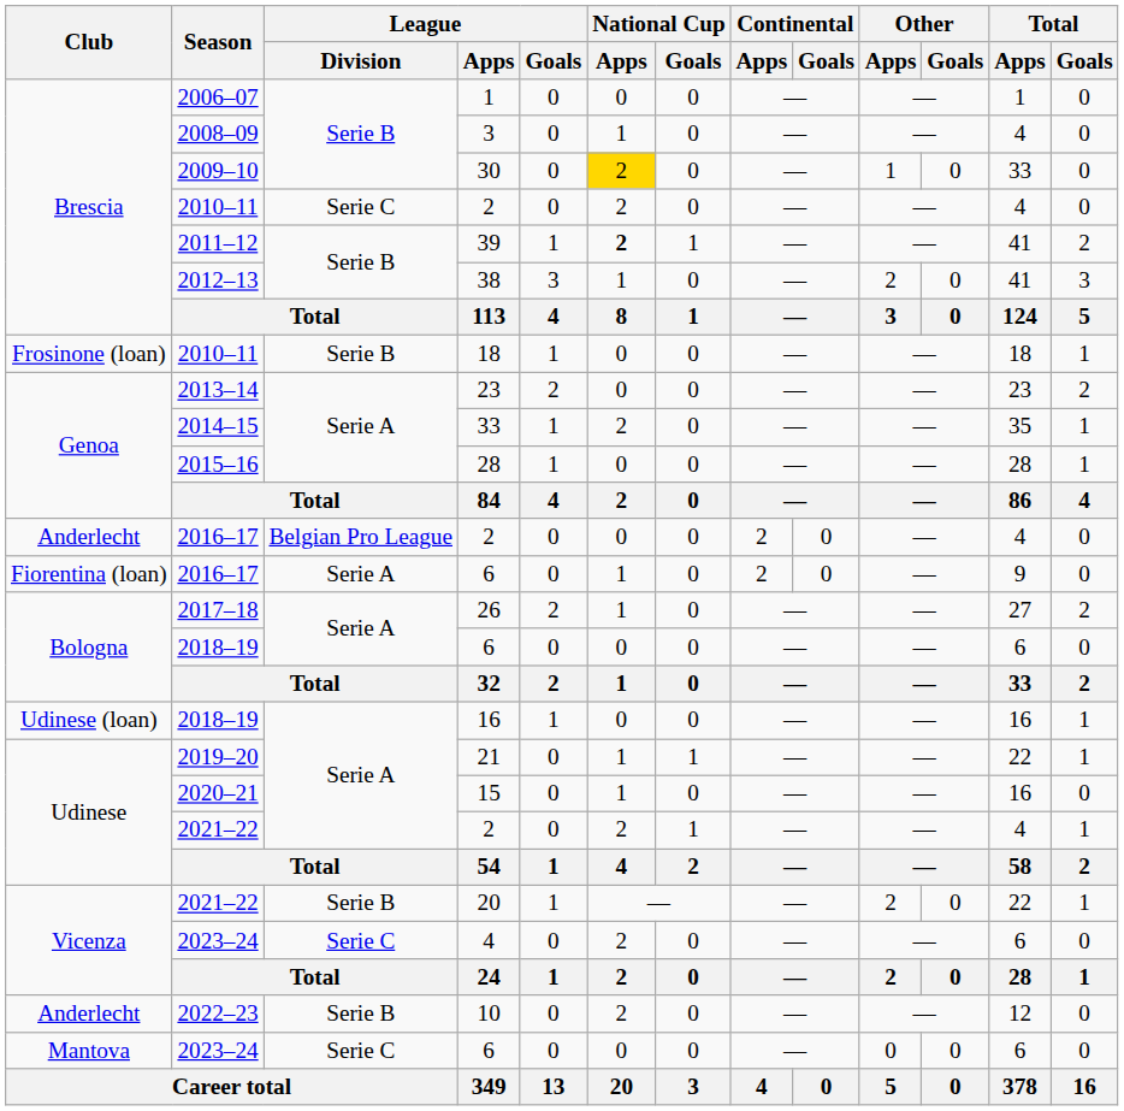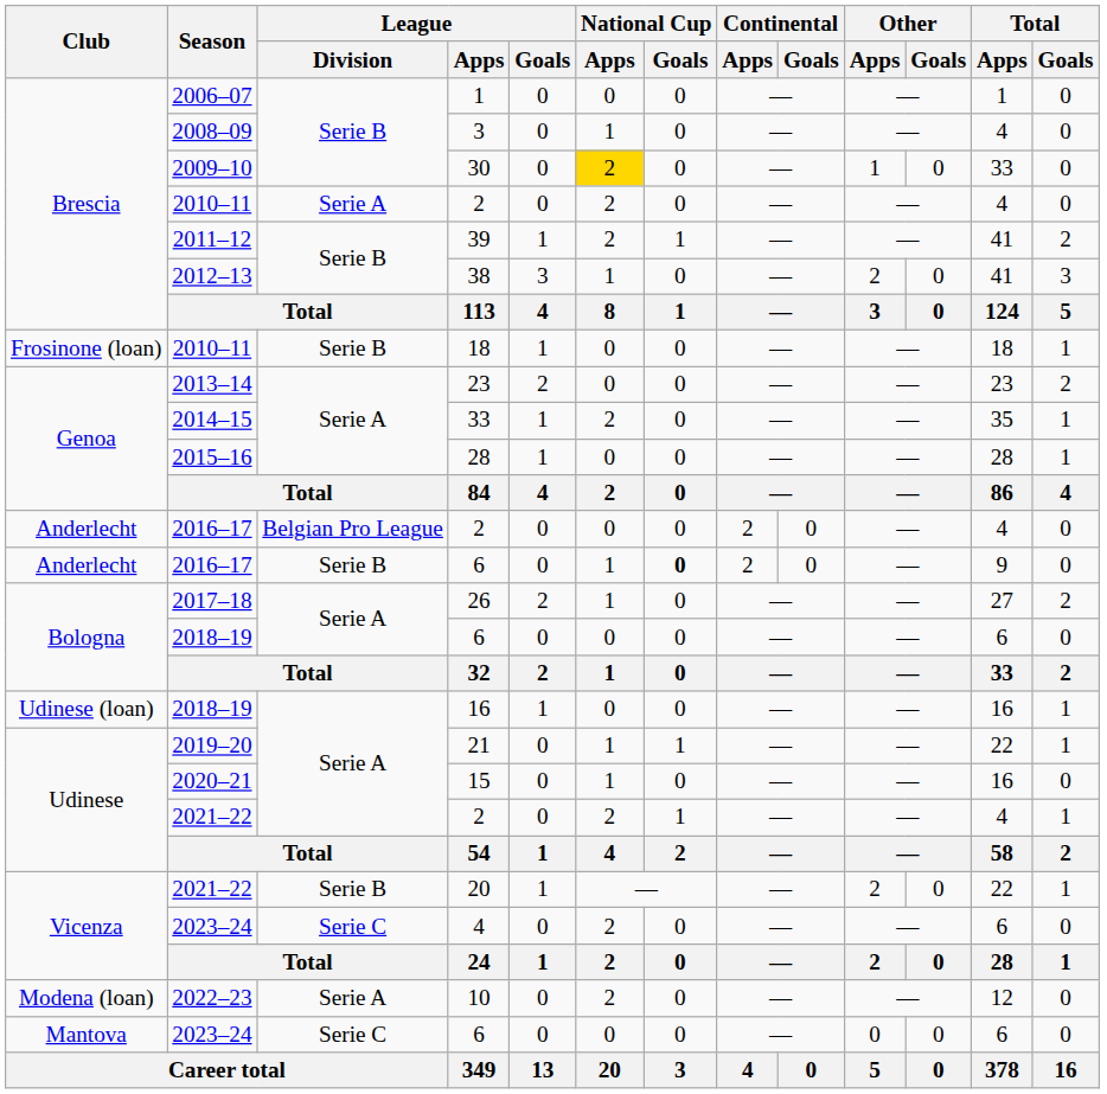 <table class="wikitable" style="text-align:center">
 <tr>
 <th rowspan="2">Club</th>
 <th rowspan="2">Season</th>
 <th colspan="3">League</th>
 <th colspan="2">National Cup</th>
 <th colspan="2">Continental</th>
 <th colspan="2">Other</th>
 <th colspan="2">Total</th>
 </tr>
 <tr>
 <th>Division</th>
 <th>Apps</th>
 <th>Goals</th>
 <th>Apps</th>
 <th>Goals</th>
 <th>Apps</th>
 <th>Goals</th>
 <th>Apps</th>
 <th>Goals</th>
 <th>Apps</th>
 <th>Goals</th>
 </tr>
 <tr>
 <td rowspan="7"><a href='#'>Brescia</a></td>
 <td><a href='#'>2006–07</a></td>
 <td rowspan="3"><a href='#'>Serie B</a></td>
 <td>1</td>
 <td>0</td>
 <td>0</td>
 <td>0</td>
 <td colspan="2“">—</td>
 <td colspan="2“">—</td>
 <td>1</td>
 <td>0</td>
 </tr>
 <tr>
 <td><a href='#'>2008–09</a></td>
 <td>3</td>
 <td>0</td>
 <td>1</td>
 <td>0</td>
 <td colspan="2“">—</td>
 <td colspan="2“">—</td>
 <td>4</td>
 <td>0</td>
 </tr>
 <tr>
 <td><a href='#'>2009–10</a></td>
 <td>30</td>
 <td>0</td>
 <td style="background: gold;">2</td>
 <td>0</td>
 <td colspan="2“">—</td>
 <td>1</td>
 <td>0</td>
 <td>33</td>
 <td>0</td>
 </tr>
 <tr>
 <td><a href='#'>2010–11</a></td>
-<td>Serie C</td>
+<td><a href='#'>Serie A</a></td>
 <td>2</td>
 <td>0</td>
 <td>2</td>
 <td>0</td>
 <td colspan="2“">—</td>
 <td colspan="2“">—</td>
 <td>4</td>
 <td>0</td>
 </tr>
 <tr>
 <td><a href='#'>2011–12</a></td>
 <td rowspan="2">Serie B</td>
 <td>39</td>
 <td>1</td>
-<td><strong>2</strong></td>
+<td>2</td>
 <td>1</td>
 <td colspan="2“">—</td>
 <td colspan="2“">—</td>
 <td>41</td>
 <td>2</td>
 </tr>
 <tr>
 <td><a href='#'>2012–13</a></td>
 <td>38</td>
 <td>3</td>
 <td>1</td>
 <td>0</td>
 <td colspan="2“">—</td>
 <td>2</td>
 <td>0</td>
 <td>41</td>
 <td>3</td>
 </tr>
 <tr>
 <th colspan="2">Total</th>
 <th>113</th>
 <th>4</th>
 <th>8</th>
 <th>1</th>
 <th colspan="2“">—</th>
 <th>3</th>
 <th>0</th>
 <th>124</th>
 <th>5</th>
 </tr>
 <tr>
 <td><a href='#'>Frosinone</a> (loan)</td>
 <td><a href='#'>2010–11</a></td>
 <td>Serie B</td>
 <td>18</td>
 <td>1</td>
 <td>0</td>
 <td>0</td>
 <td colspan="2“">—</td>
 <td colspan="2“">—</td>
 <td>18</td>
 <td>1</td>
 </tr>
 <tr>
 <td rowspan="4"><a href='#'>Genoa</a></td>
 <td><a href='#'>2013–14</a></td>
 <td rowspan="3">Serie A</td>
 <td>23</td>
 <td>2</td>
 <td>0</td>
 <td>0</td>
 <td colspan="2“">—</td>
 <td colspan="2“">—</td>
 <td>23</td>
 <td>2</td>
 </tr>
 <tr>
 <td><a href='#'>2014–15</a></td>
 <td>33</td>
 <td>1</td>
 <td>2</td>
 <td>0</td>
 <td colspan="2“">—</td>
 <td colspan="2“">—</td>
 <td>35</td>
 <td>1</td>
 </tr>
 <tr>
 <td><a href='#'>2015–16</a></td>
 <td>28</td>
 <td>1</td>
 <td>0</td>
 <td>0</td>
 <td colspan="2“">—</td>
 <td colspan="2“">—</td>
 <td>28</td>
 <td>1</td>
 </tr>
 <tr>
 <th colspan="2">Total</th>
 <th>84</th>
 <th>4</th>
 <th>2</th>
 <th>0</th>
 <th colspan="2“">—</th>
 <th colspan="2“">—</th>
 <th>86</th>
 <th>4</th>
 </tr>
 <tr>
 <td><a href='#'>Anderlecht</a></td>
 <td><a href='#'>2016–17</a></td>
 <td><a href='#'>Belgian Pro League</a></td>
 <td>2</td>
 <td>0</td>
 <td>0</td>
 <td>0</td>
 <td>2</td>
 <td>0</td>
 <td colspan="2“">—</td>
 <td>4</td>
 <td>0</td>
 </tr>
 <tr>
-<td><a href='#'>Fiorentina</a> (loan)</td>
+<td><a href='#'>Anderlecht</a></td>
 <td><a href='#'>2016–17</a></td>
-<td>Serie A</td>
+<td>Serie B</td>
 <td>6</td>
 <td>0</td>
 <td>1</td>
-<td>0</td>
+<td><strong>0</strong></td>
 <td>2</td>
 <td>0</td>
 <td colspan="2“">—</td>
 <td>9</td>
 <td>0</td>
 </tr>
 <tr>
 <td rowspan="3"><a href='#'>Bologna</a></td>
 <td><a href='#'>2017–18</a></td>
 <td rowspan="2">Serie A</td>
 <td>26</td>
 <td>2</td>
 <td>1</td>
 <td>0</td>
 <td colspan="2“">—</td>
 <td colspan="2“">—</td>
 <td>27</td>
 <td>2</td>
 </tr>
 <tr>
 <td><a href='#'>2018–19</a></td>
 <td>6</td>
 <td>0</td>
 <td>0</td>
 <td>0</td>
 <td colspan="2“">—</td>
 <td colspan="2“">—</td>
 <td>6</td>
 <td>0</td>
 </tr>
 <tr>
 <th colspan="2">Total</th>
 <th>32</th>
 <th>2</th>
 <th>1</th>
 <th>0</th>
 <th colspan="2“">—</th>
 <th colspan="2“">—</th>
 <th>33</th>
 <th>2</th>
 </tr>
 <tr>
 <td><a href='#'>Udinese</a> (loan)</td>
 <td><a href='#'>2018–19</a></td>
 <td rowspan="4">Serie A</td>
 <td>16</td>
 <td>1</td>
 <td>0</td>
 <td>0</td>
 <td colspan="2“">—</td>
 <td colspan="2“">—</td>
 <td>16</td>
 <td>1</td>
 </tr>
 <tr>
 <td rowspan="4">Udinese</td>
 <td><a href='#'>2019–20</a></td>
 <td>21</td>
 <td>0</td>
 <td>1</td>
 <td>1</td>
 <td colspan="2“">—</td>
 <td colspan="2“">—</td>
 <td>22</td>
 <td>1</td>
 </tr>
 <tr>
 <td><a href='#'>2020–21</a></td>
 <td>15</td>
 <td>0</td>
 <td>1</td>
 <td>0</td>
 <td colspan="2“">—</td>
 <td colspan="2“">—</td>
 <td>16</td>
 <td>0</td>
 </tr>
 <tr>
 <td><a href='#'>2021–22</a></td>
 <td>2</td>
 <td>0</td>
 <td>2</td>
 <td>1</td>
 <td colspan="2“">—</td>
 <td colspan="2“">—</td>
 <td>4</td>
 <td>1</td>
 </tr>
 <tr>
 <th colspan="2">Total</th>
 <th>54</th>
 <th>1</th>
 <th>4</th>
 <th>2</th>
 <th colspan="2“">—</th>
 <th colspan="2“">—</th>
 <th>58</th>
 <th>2</th>
 </tr>
 <tr>
 <td rowspan="3"><a href='#'>Vicenza</a></td>
 <td><a href='#'>2021–22</a></td>
 <td>Serie B</td>
 <td>20</td>
 <td>1</td>
 <td colspan="2“">—</td>
 <td colspan="2“">—</td>
 <td>2</td>
 <td>0</td>
 <td>22</td>
 <td>1</td>
 </tr>
 <tr>
 <td><a href='#'>2023–24</a></td>
 <td><a href='#'>Serie C</a></td>
 <td>4</td>
 <td>0</td>
 <td>2</td>
 <td>0</td>
 <td colspan="2“">—</td>
 <td colspan="2“">—</td>
 <td>6</td>
 <td>0</td>
 </tr>
 <tr>
 <th colspan="2">Total</th>
 <th>24</th>
 <th>1</th>
 <th>2</th>
 <th>0</th>
 <th colspan="2“">—</th>
 <th>2</th>
 <th>0</th>
 <th>28</th>
 <th>1</th>
 </tr>
 <tr>
-<td><a href='#'>Anderlecht</a></td>
+<td><a href='#'>Modena</a> (loan)</td>
 <td><a href='#'>2022–23</a></td>
-<td>Serie B</td>
+<td>Serie A</td>
 <td>10</td>
 <td>0</td>
 <td>2</td>
 <td>0</td>
 <td colspan="2“">—</td>
 <td colspan="2“">—</td>
 <td>12</td>
 <td>0</td>
 </tr>
 <tr>
 <td><a href='#'>Mantova</a></td>
 <td><a href='#'>2023–24</a></td>
 <td>Serie C</td>
 <td>6</td>
 <td>0</td>
 <td>0</td>
 <td>0</td>
 <td colspan="2“">—</td>
 <td>0</td>
 <td>0</td>
 <td>6</td>
 <td>0</td>
 </tr>
 <tr>
 <th colspan="3">Career total</th>
 <th>349</th>
 <th>13</th>
 <th>20</th>
 <th>3</th>
 <th>4</th>
 <th>0</th>
 <th>5</th>
 <th>0</th>
 <th>378</th>
 <th>16</th>
 </tr>
 </table>
